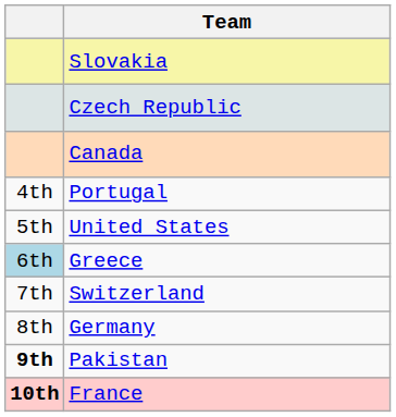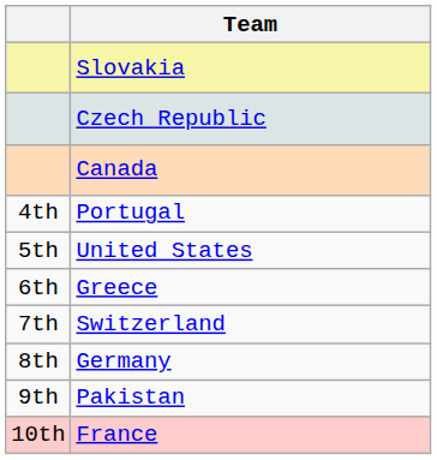 <table class="wikitable" style="text-align:center">
 <tr>
 <th width=15></th>
 <th width=200>Team</th>
 </tr>
 <tr style="background:#f7f6a8;">
 <td style="text-align:center; height:23px;"></td>
 <td align=left> <a href='#'>Slovakia</a></td>
 </tr>
 <tr style="background:#dce5e5;">
 <td style="text-align:center; height:23px;"></td>
 <td align=left> <a href='#'>Czech Republic</a></td>
 </tr>
 <tr style="background:#ffdab9;">
 <td style="text-align:center; height:23px;"></td>
 <td align=left> <a href='#'>Canada</a></td>
 </tr>
 <tr>
 <td>4th</td>
 <td align=left> <a href='#'>Portugal</a></td>
 </tr>
 <tr>
 <td>5th</td>
 <td align=left> <a href='#'>United States</a></td>
 </tr>
 <tr>
-<td style="background: lightblue;">6th</td>
+<td>6th</td>
 <td align=left> <a href='#'>Greece</a></td>
 </tr>
 <tr>
 <td>7th</td>
 <td align=left> <a href='#'>Switzerland</a></td>
 </tr>
 <tr>
 <td>8th</td>
 <td align=left> <a href='#'>Germany</a></td>
 </tr>
 <tr>
-<td><strong>9th</strong></td>
+<td>9th</td>
 <td align=left> <a href='#'>Pakistan</a></td>
 </tr>
 <tr style="text-align:center; background:#ffcccc;">
-<td><strong>10th</strong></td>
+<td>10th</td>
 <td align=left> <a href='#'>France</a></td>
 </tr>
 </table>
